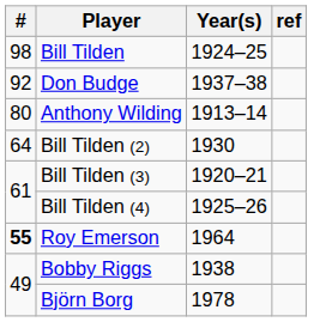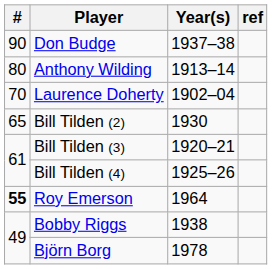 <table class=wikitable style="display:inline-table;">
 <tr>
 <th>#</th>
 <th>Player</th>
 <th>Year(s)</th>
 <th>ref</th>
 </tr>
 <tr>
-<td>98</td>
-<td> <a href='#'>Bill Tilden</a></td>
-<td>1924–25</td>
-<td></td>
-</tr>
-<tr>
-<td>92</td>
+<td>90</td>
 <td> <a href='#'>Don Budge</a></td>
 <td>1937–38</td>
 <td></td>
 </tr>
 <tr>
 <td>80</td>
 <td> <a href='#'>Anthony Wilding</a></td>
 <td>1913–14</td>
 <td></td>
 </tr>
 <tr>
-<td>64</td>
+<td>70</td>
+<td> <a href='#'>Laurence Doherty</a></td>
+<td>1902–04</td>
+<td></td>
+</tr>
+<tr>
+<td>65</td>
 <td> Bill Tilden <small>(2)</small></td>
 <td>1930</td>
 <td></td>
 </tr>
 <tr>
 <td rowspan="2">61</td>
 <td> Bill Tilden <small>(3)</small></td>
 <td>1920–21</td>
 <td></td>
 </tr>
 <tr>
 <td> Bill Tilden <small>(4)</small></td>
 <td>1925–26</td>
 <td></td>
 </tr>
 <tr>
 <td><strong>55</strong></td>
 <td> <a href='#'>Roy Emerson</a></td>
 <td>1964</td>
 <td></td>
 </tr>
 <tr>
 <td rowspan="2">49</td>
 <td> <a href='#'>Bobby Riggs</a></td>
 <td>1938</td>
 <td></td>
 </tr>
 <tr>
 <td> <a href='#'>Björn Borg</a></td>
 <td>1978</td>
 <td></td>
 </tr>
 </table>
